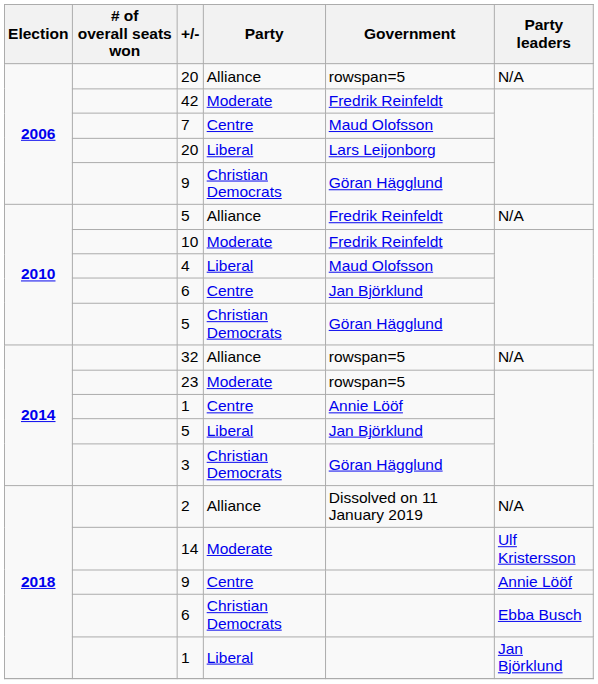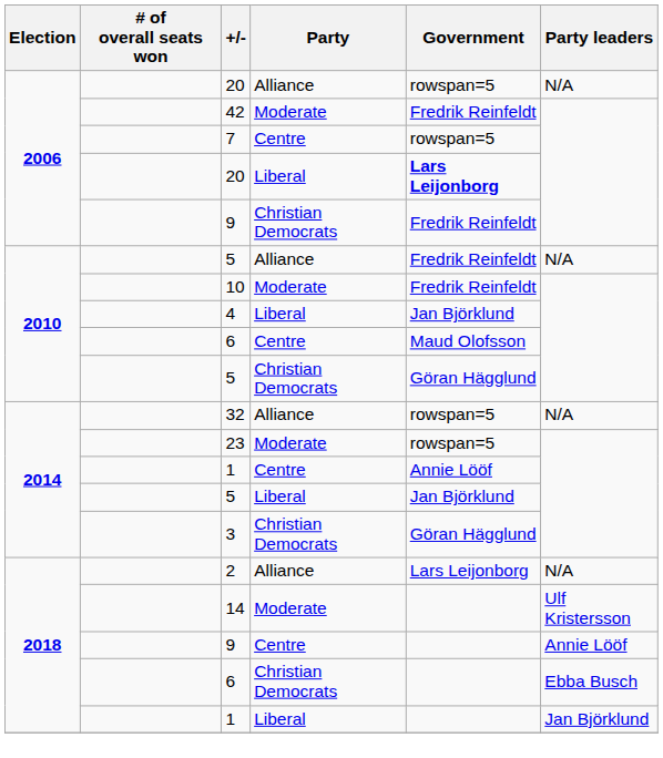 <table class="sortable wikitable">
 <tr>
 <th>Election</th>
 <th># of<br> overall seats won</th>
 <th>+/-</th>
 <th>Party</th>
 <th>Government</th>
 <th>Party leaders</th>
 </tr>
 <tr>
 <td rowspan=5 align=center><strong><a href='#'>2006</a></strong></td>
 <td></td>
 <td> 20</td>
 <td>Alliance</td>
 <td>rowspan=5 </td>
 <td>N/A</td>
 </tr>
 <tr>
 <td align=left></td>
 <td> 42</td>
 <td align=left><a href='#'>Moderate</a></td>
 <td><a href='#'>Fredrik Reinfeldt</a></td>
 </tr>
 <tr>
 <td></td>
 <td> 7</td>
 <td align=left><a href='#'>Centre</a></td>
-<td><a href='#'>Maud Olofsson</a></td>
+<td>rowspan=5 </td>
 </tr>
 <tr>
 <td></td>
 <td> 20</td>
 <td align=left><a href='#'>Liberal</a></td>
-<td><a href='#'>Lars Leijonborg</a></td>
+<td><strong><a href='#'>Lars Leijonborg</a></strong></td>
 </tr>
 <tr>
 <td></td>
 <td> 9</td>
 <td align=left><a href='#'>Christian Democrats</a></td>
-<td><a href='#'>Göran Hägglund</a></td>
+<td><a href='#'>Fredrik Reinfeldt</a></td>
 </tr>
 <tr>
 <td rowspan=5 align=center><strong><a href='#'>2010</a></strong></td>
 <td></td>
 <td> 5</td>
 <td>Alliance</td>
 <td><a href='#'>Fredrik Reinfeldt</a></td>
 <td>N/A</td>
 </tr>
 <tr>
 <td align=left></td>
 <td> 10</td>
 <td align=left><a href='#'>Moderate</a></td>
 <td><a href='#'>Fredrik Reinfeldt</a></td>
 </tr>
 <tr>
 <td></td>
 <td> 4</td>
 <td align=left><a href='#'>Liberal</a></td>
-<td><a href='#'>Maud Olofsson</a></td>
+<td><a href='#'>Jan Björklund</a></td>
 </tr>
 <tr>
 <td></td>
 <td> 6</td>
 <td align=left><a href='#'>Centre</a></td>
-<td><a href='#'>Jan Björklund</a></td>
+<td><a href='#'>Maud Olofsson</a></td>
 </tr>
 <tr>
 <td></td>
 <td> 5</td>
 <td align=left><a href='#'>Christian Democrats</a></td>
 <td><a href='#'>Göran Hägglund</a></td>
 </tr>
 <tr>
 <td rowspan=5 align=center><strong><a href='#'>2014</a></strong></td>
 <td></td>
 <td> 32</td>
 <td>Alliance</td>
 <td>rowspan=5 </td>
 <td>N/A</td>
 </tr>
 <tr>
 <td align=left></td>
 <td> 23</td>
 <td align=left><a href='#'>Moderate</a></td>
 <td>rowspan=5 </td>
 </tr>
 <tr>
 <td></td>
 <td> 1</td>
 <td align=left><a href='#'>Centre</a></td>
 <td><a href='#'>Annie Lööf</a></td>
 </tr>
 <tr>
 <td></td>
 <td> 5</td>
 <td align=left><a href='#'>Liberal</a></td>
 <td><a href='#'>Jan Björklund</a></td>
 </tr>
 <tr>
 <td></td>
 <td> 3</td>
 <td align=left><a href='#'>Christian Democrats</a></td>
 <td><a href='#'>Göran Hägglund</a></td>
 </tr>
 <tr>
 <td rowspan=5 align=center><strong><a href='#'>2018</a></strong></td>
 <td></td>
 <td> 2</td>
 <td>Alliance</td>
-<td>Dissolved on 11 January 2019</td>
+<td><a href='#'>Lars Leijonborg</a></td>
 <td>N/A</td>
 </tr>
 <tr>
 <td align=left></td>
 <td> 14</td>
 <td align=left><a href='#'>Moderate</a></td>
 <td></td>
 <td><a href='#'>Ulf Kristersson</a></td>
 </tr>
 <tr>
 <td></td>
 <td> 9</td>
 <td align=left><a href='#'>Centre</a></td>
 <td></td>
 <td><a href='#'>Annie Lööf</a></td>
 </tr>
 <tr>
 <td></td>
 <td> 6</td>
 <td align=left><a href='#'>Christian Democrats</a></td>
 <td></td>
 <td><a href='#'>Ebba Busch</a></td>
 </tr>
 <tr>
 <td></td>
 <td> 1</td>
 <td align=left><a href='#'>Liberal</a></td>
 <td></td>
 <td><a href='#'>Jan Björklund</a></td>
 </tr>
 <tr>
 </tr>
 </table>
